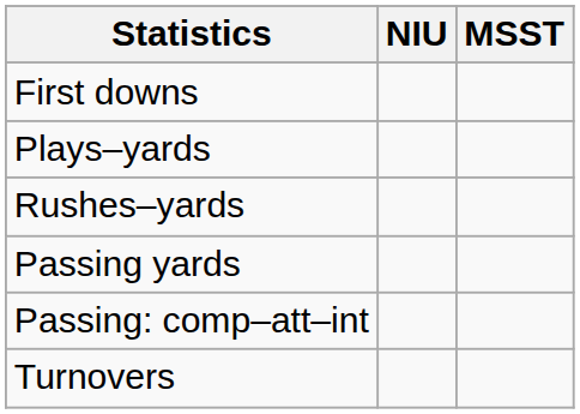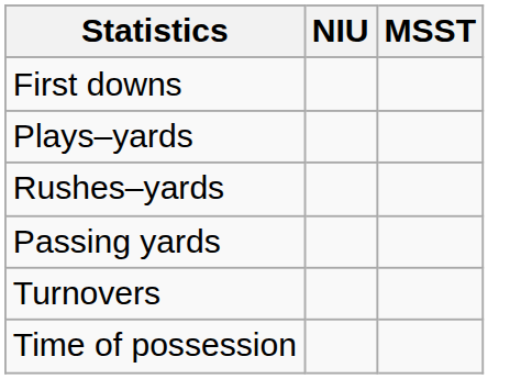 <table class="wikitable" style="float:left">
 <tr>
 <th>Statistics</th>
 <th>NIU</th>
 <th>MSST</th>
 </tr>
 <tr>
 <td>First downs</td>
 <td></td>
 <td></td>
 </tr>
 <tr>
 <td>Plays–yards</td>
 <td></td>
 <td></td>
 </tr>
 <tr>
 <td>Rushes–yards</td>
 <td></td>
 <td></td>
 </tr>
 <tr>
 <td>Passing yards</td>
 <td></td>
 <td></td>
 </tr>
 <tr>
-<td>Passing: comp–att–int</td>
+<td>Turnovers</td>
 <td></td>
 <td></td>
 </tr>
 <tr>
-<td>Turnovers</td>
+<td>Time of possession</td>
 <td></td>
 <td></td>
 </tr>
 </table>
